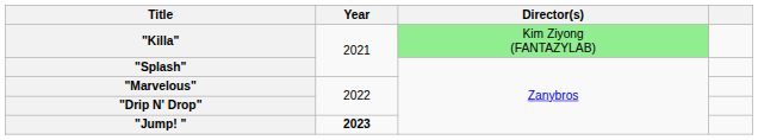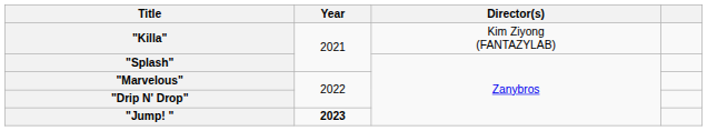 <table class="wikitable plainrowheaders" style="text-align:center">
 <tr>
 <th scope="col" width="400">Title</th>
 <th scope="col" width="100">Year</th>
 <th scope="col" width="400">Director(s)</th>
 <th scope="col" width="50"></th>
 </tr>
 <tr>
 <th scope="row">"Killa"</th>
 <td rowspan="2">2021</td>
-<td style="background: lightgreen;">Kim Ziyong<br>(FANTAZYLAB)</td>
+<td>Kim Ziyong<br>(FANTAZYLAB)</td>
 <td></td>
 </tr>
 <tr>
 <th scope="row">"Splash"</th>
 <td rowspan="4"><a href='#'>Zanybros</a></td>
 <td></td>
 </tr>
 <tr>
 <th scope="row">"Marvelous"</th>
 <td rowspan="2">2022</td>
 <td></td>
 </tr>
 <tr>
 <th scope="row">"Drip N' Drop"</th>
 <td></td>
 </tr>
 <tr>
 <th scope="row">"Jump! "</th>
 <td><strong>2023</strong></td>
 <td></td>
 </tr>
 </table>
